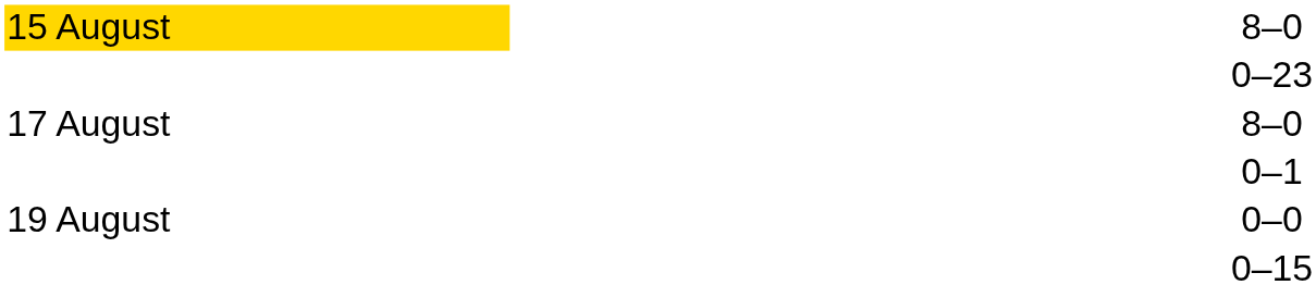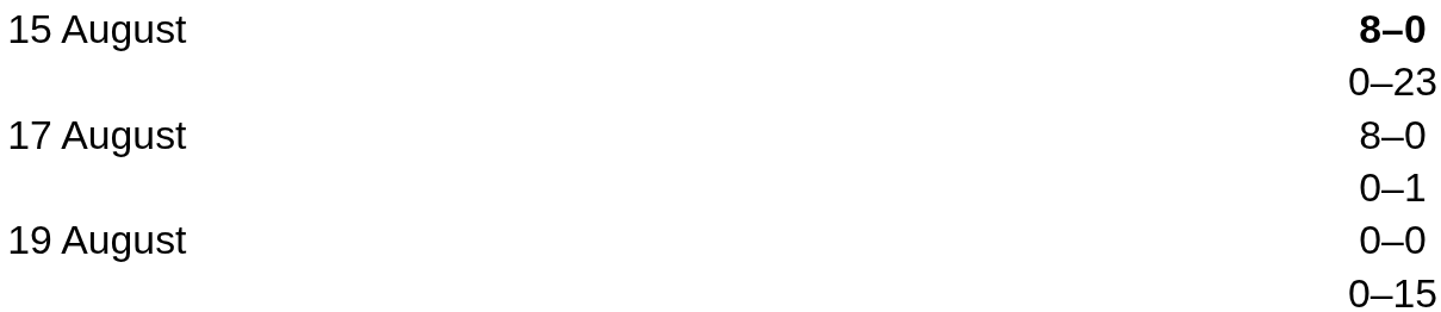 <table cellspacing=1 width=70%>
 <tr>
 <th width=25%></th>
 <th width=30%></th>
 <th width=15%></th>
 <th width=30%></th>
 </tr>
 <tr>
-<td style="background: gold;">15 August</td>
+<td>15 August</td>
 <td align=right></td>
-<td align=center>8–0</td>
+<td align=center><strong>8–0</strong></td>
 <td></td>
 </tr>
 <tr>
 <td></td>
 <td align=right></td>
 <td align=center>0–23</td>
 <td></td>
 </tr>
 <tr>
 <td>17 August</td>
 <td align=right></td>
 <td align=center>8–0</td>
 <td></td>
 </tr>
 <tr>
 <td></td>
 <td align=right></td>
 <td align=center>0–1</td>
 <td></td>
 </tr>
 <tr>
 <td>19 August</td>
 <td align=right></td>
 <td align=center>0–0</td>
 <td></td>
 </tr>
 <tr>
 <td></td>
 <td align=right></td>
 <td align=center>0–15</td>
 <td></td>
 </tr>
 </table>
